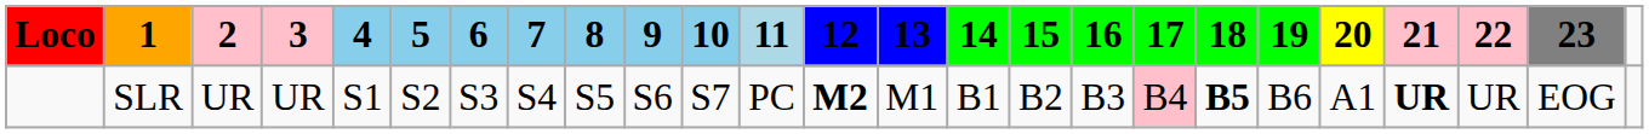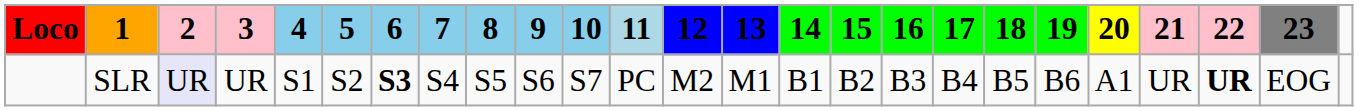 <table class="wikitable plainrowheaders unsortable" style="text-align:center">
 <tr>
 <th scope="col" rowspan="1" style="background:red;">Loco</th>
 <th scope="col" rowspan="1" style="background:orange;">1</th>
 <th scope="col" rowspan="1" style="background:pink;">2</th>
 <th scope="col" rowspan="1" style="background:pink;">3</th>
 <th scope="col" rowspan="1" style="background:skyblue;">4</th>
 <th scope="col" rowspan="1" style="background:skyblue;">5</th>
 <th scope="col" rowspan="1" style="background:skyblue;">6</th>
 <th scope="col" rowspan="1" style="background:skyblue;">7</th>
 <th scope="col" rowspan="1" style="background:skyblue;">8</th>
 <th scope="col" rowspan="1" style="background:skyblue;">9</th>
 <th scope="col" rowspan="1" style="background:skyblue;">10</th>
 <th scope="col" rowspan="1" style="background:lightblue;">11</th>
 <th scope="col" rowspan="1" style="background:blue;">12</th>
 <th scope="col" rowspan="1" style="background:blue;">13</th>
 <th scope="col" rowspan="1" style="background:lime;">14</th>
 <th scope="col" rowspan="1" style="background:lime;">15</th>
 <th scope="col" rowspan="1" style="background:lime;">16</th>
 <th scope="col" rowspan="1" style="background:lime;">17</th>
 <th scope="col" rowspan="1" style="background:lime;">18</th>
 <th scope="col" rowspan="1" style="background:lime;">19</th>
 <th scope="col" rowspan="1" style="background:yellow;">20</th>
 <th scope="col" rowspan="1" style="background:pink;">21</th>
 <th scope="col" rowspan="1" style="background:pink;">22</th>
 <th scope="col" rowspan="1" style="background:grey;">23</th>
 </tr>
 <tr>
 <td></td>
 <td>SLR</td>
-<td>UR</td>
+<td style="background: lavender;">UR</td>
 <td>UR</td>
 <td>S1</td>
 <td>S2</td>
-<td>S3</td>
+<td><strong>S3</strong></td>
 <td>S4</td>
 <td>S5</td>
 <td>S6</td>
 <td>S7</td>
 <td>PC</td>
-<td><strong>M2</strong></td>
+<td>M2</td>
 <td>M1</td>
 <td>B1</td>
 <td>B2</td>
 <td>B3</td>
-<td style="background: pink;">B4</td>
-<td><strong>B5</strong></td>
+<td>B4</td>
+<td>B5</td>
 <td>B6</td>
 <td>A1</td>
+<td>UR</td>
 <td><strong>UR</strong></td>
-<td>UR</td>
 <td>EOG</td>
 <td></td>
 </tr>
 </table>
